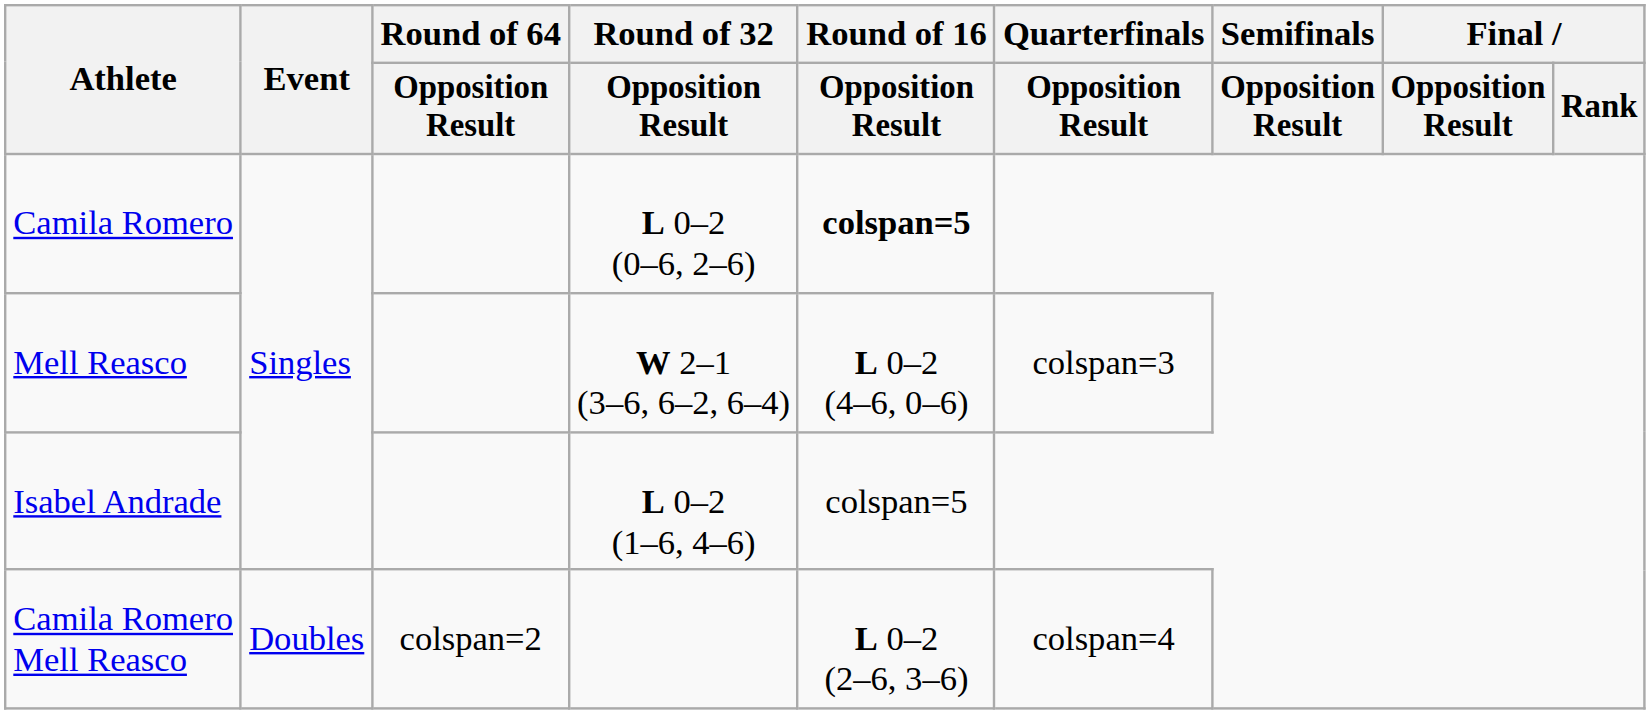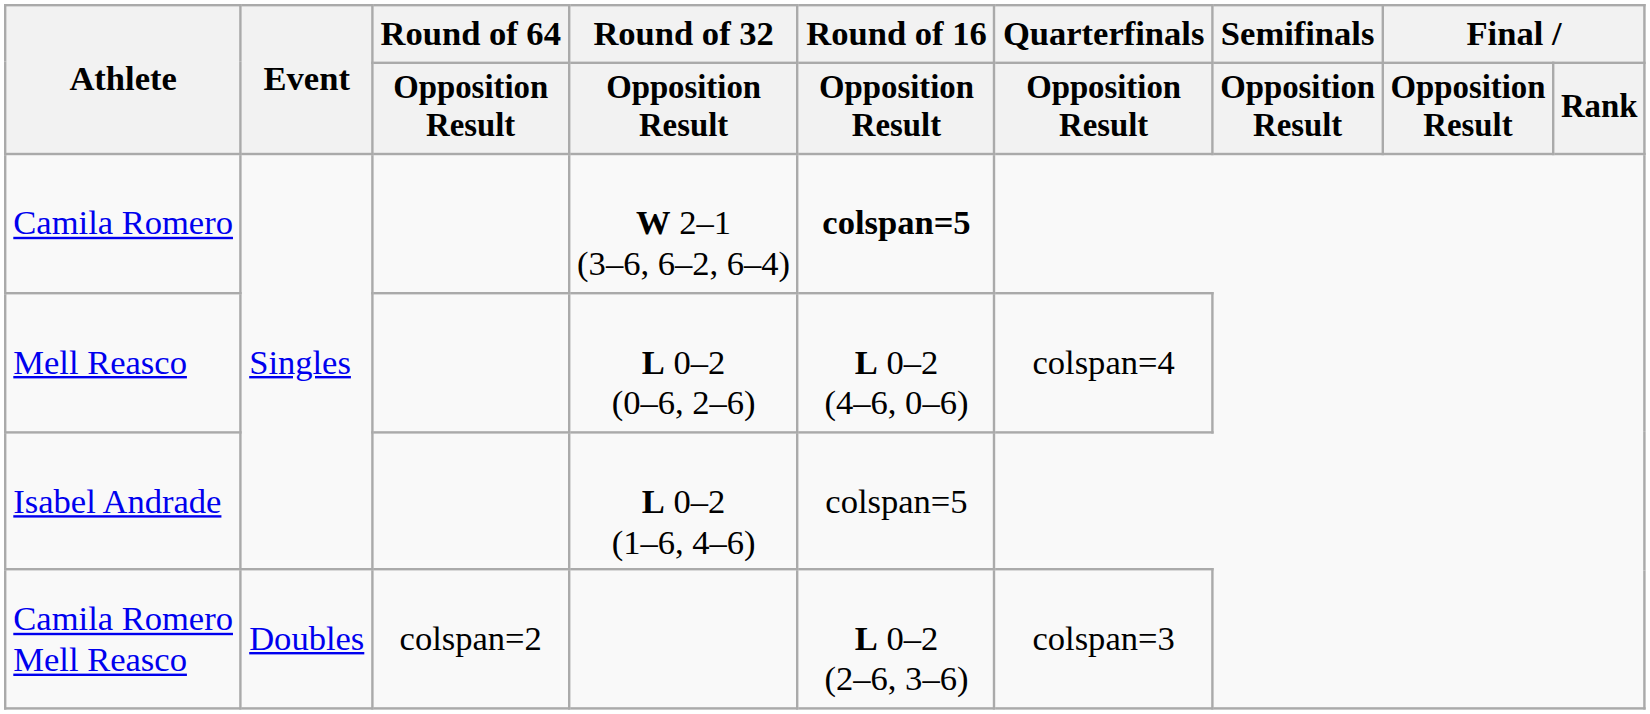 <table class=wikitable style=font-size:90%;text-align:center>
 <tr>
 <th rowspan=2>Athlete</th>
 <th rowspan=2>Event</th>
 <th>Round of 64</th>
 <th>Round of 32</th>
 <th>Round of 16</th>
 <th>Quarterfinals</th>
 <th>Semifinals</th>
 <th colspan=2>Final / </th>
 </tr>
 <tr style=font-size:95%>
 <th>Opposition<br>Result</th>
 <th>Opposition<br>Result</th>
 <th>Opposition<br>Result</th>
 <th>Opposition<br>Result</th>
 <th>Opposition<br>Result</th>
 <th>Opposition<br>Result</th>
 <th>Rank</th>
 </tr>
 <tr align=center>
 <td align=left><a href='#'>Camila Romero</a></td>
 <td align=left rowspan=3><a href='#'>Singles</a></td>
 <td></td>
-<td><br><strong>L</strong> 0–2 <br> (0–6, 2–6)</td>
+<td><br><strong>W</strong> 2–1 <br> (3–6, 6–2, 6–4)</td>
 <td><strong>colspan=5 </strong></td>
 </tr>
 <tr align=center>
 <td align=left><a href='#'>Mell Reasco</a></td>
 <td></td>
-<td><br><strong>W</strong> 2–1 <br> (3–6, 6–2, 6–4)</td>
+<td><br><strong>L</strong> 0–2 <br> (0–6, 2–6)</td>
 <td><br><strong>L</strong> 0–2 <br> (4–6, 0–6)</td>
-<td>colspan=3 </td>
+<td>colspan=4 </td>
 </tr>
 <tr align=center>
 <td align=left><a href='#'>Isabel Andrade</a></td>
 <td></td>
 <td><br><strong>L</strong> 0–2 <br> (1–6, 4–6)</td>
 <td>colspan=5 </td>
 </tr>
 <tr align=center>
 <td align=left><a href='#'>Camila Romero</a> <br> <a href='#'>Mell Reasco</a></td>
 <td align=left rowspan=3><a href='#'>Doubles</a></td>
 <td>colspan=2 </td>
 <td></td>
 <td><br><strong>L</strong> 0–2 <br> (2–6, 3–6)</td>
-<td>colspan=4 </td>
+<td>colspan=3 </td>
 </tr>
 </table>
